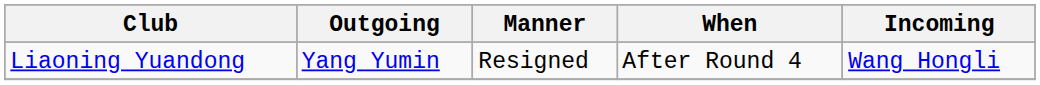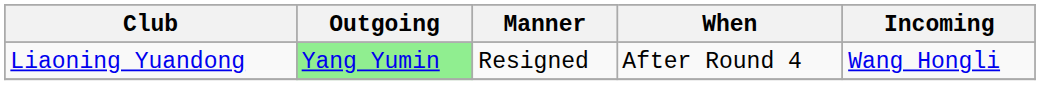 <table class=wikitable width=66%>
 <tr>
 <th>Club</th>
 <th>Outgoing</th>
 <th>Manner</th>
 <th>When</th>
 <th>Incoming</th>
 </tr>
 <tr>
 <td><a href='#'>Liaoning Yuandong</a></td>
-<td> <a href='#'>Yang Yumin</a></td>
+<td style="background: lightgreen;"> <a href='#'>Yang Yumin</a></td>
 <td>Resigned</td>
 <td>After Round 4</td>
 <td> <a href='#'>Wang Hongli</a></td>
 </tr>
 <tr>
 </tr>
 </table>
